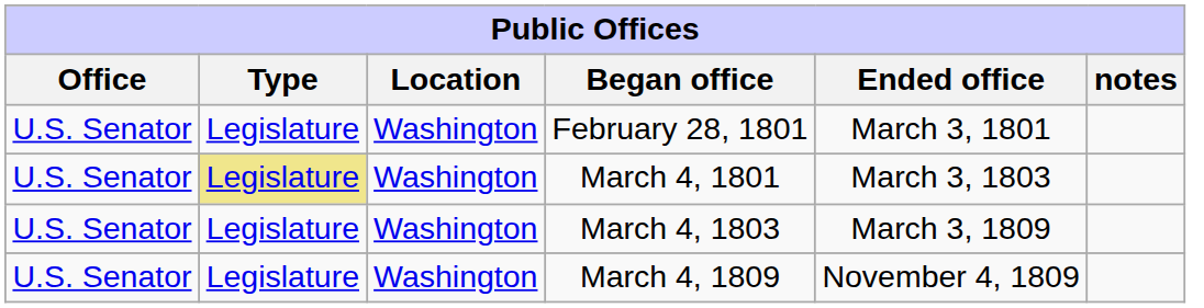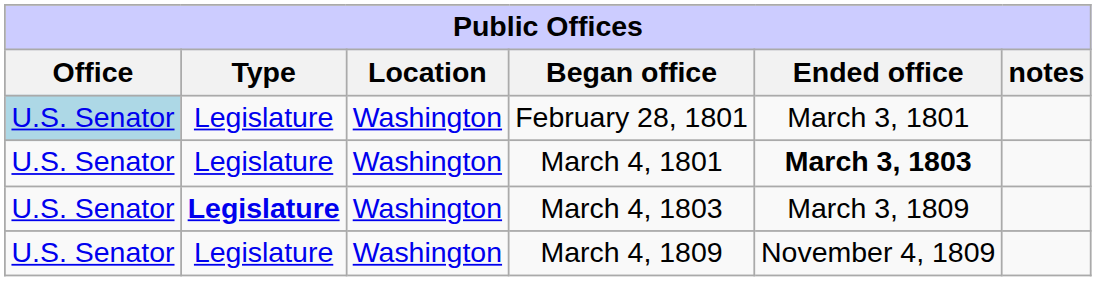 <table class=wikitable style="text-align: center;">
 <tr>
 <th colspan=7 style="background: #ccccff;">Public Offices</th>
 </tr>
 <tr>
 <th>Office</th>
 <th>Type</th>
 <th>Location</th>
 <th>Began office</th>
 <th>Ended office</th>
 <th>notes</th>
 </tr>
 <tr>
-<td><a href='#'>U.S. Senator</a></td>
+<td style="background: lightblue;"><a href='#'>U.S. Senator</a></td>
 <td><a href='#'>Legislature</a></td>
 <td><a href='#'>Washington</a></td>
 <td>February 28, 1801</td>
 <td>March 3, 1801</td>
 <td></td>
 </tr>
 <tr>
 <td><a href='#'>U.S. Senator</a></td>
-<td style="background: khaki;"><a href='#'>Legislature</a></td>
+<td><a href='#'>Legislature</a></td>
 <td><a href='#'>Washington</a></td>
 <td>March 4, 1801</td>
-<td>March 3, 1803</td>
+<td><strong>March 3, 1803</strong></td>
 <td></td>
 </tr>
 <tr>
 <td><a href='#'>U.S. Senator</a></td>
-<td><a href='#'>Legislature</a></td>
+<td><strong><a href='#'>Legislature</a></strong></td>
 <td><a href='#'>Washington</a></td>
 <td>March 4, 1803</td>
 <td>March 3, 1809</td>
 <td></td>
 </tr>
 <tr>
 <td><a href='#'>U.S. Senator</a></td>
 <td><a href='#'>Legislature</a></td>
 <td><a href='#'>Washington</a></td>
 <td>March 4, 1809</td>
 <td>November 4, 1809</td>
 <td></td>
 </tr>
 </table>
